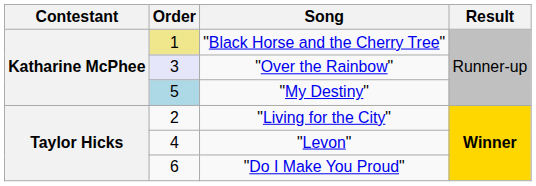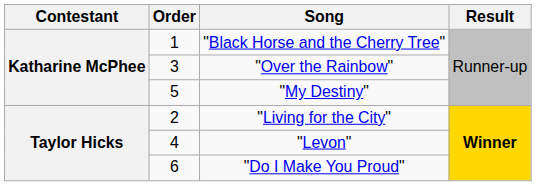 <table class="wikitable unsortable" style="text-align:center;">
 <tr>
 <th scope="col">Contestant</th>
 <th scope="col">Order</th>
 <th scope="col">Song</th>
 <th scope="col">Result</th>
 </tr>
 <tr>
 <th scope="row" rowspan="3">Katharine McPhee</th>
-<td style="background: khaki;">1</td>
+<td>1</td>
 <td>"<a href='#'>Black Horse and the Cherry Tree</a>"</td>
 <td rowspan="3" bgcolor="silver">Runner-up</td>
 </tr>
 <tr>
-<td style="background: lavender;">3</td>
+<td>3</td>
 <td>"<a href='#'>Over the Rainbow</a>"</td>
 </tr>
 <tr>
-<td style="background: lightblue;">5</td>
+<td>5</td>
 <td>"<a href='#'>My Destiny</a>"</td>
 </tr>
 <tr>
 <th scope="row" rowspan="3">Taylor Hicks</th>
 <td>2</td>
 <td>"<a href='#'>Living for the City</a>"</td>
 <td rowspan="3" bgcolor="gold"><strong>Winner</strong></td>
 </tr>
 <tr>
 <td>4</td>
 <td>"<a href='#'>Levon</a>"</td>
 </tr>
 <tr>
 <td>6</td>
 <td>"<a href='#'>Do I Make You Proud</a>"</td>
 </tr>
 </table>
